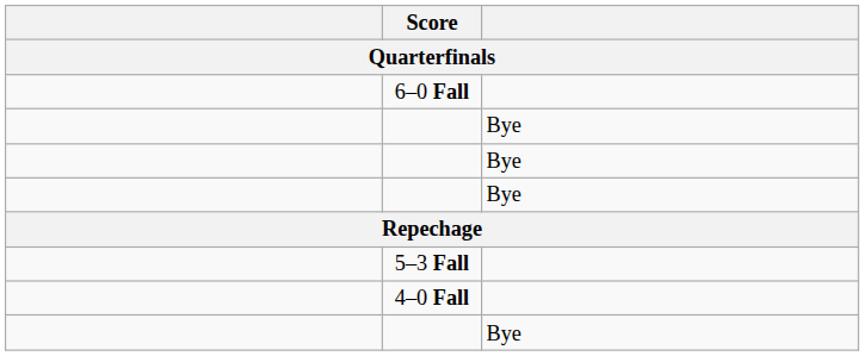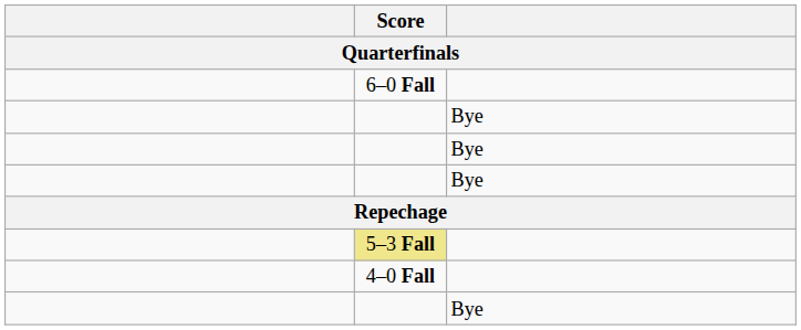 <table class="wikitable" style="text-align: left;">
 <tr>
 <th align="right" width="270"></th>
 <th width="65">Score</th>
 <th align="left" width="270"></th>
 </tr>
 <tr>
 <th colspan="3">Quarterfinals</th>
 </tr>
 <tr>
 <td><strong></strong></td>
 <td align=center>6–0 <strong>Fall</strong></td>
 <td></td>
 </tr>
 <tr>
 <td><strong></strong></td>
 <td align=center></td>
 <td>Bye</td>
 </tr>
 <tr>
 <td><strong></strong></td>
 <td align=center></td>
 <td>Bye</td>
 </tr>
 <tr>
 <td><strong></strong></td>
 <td align=center></td>
 <td>Bye</td>
 </tr>
 <tr>
 <th colspan="3">Repechage</th>
 </tr>
 <tr>
 <td><strong></strong></td>
-<td align=center>5–3 <strong>Fall</strong></td>
+<td align=center style="background: khaki;">5–3 <strong>Fall</strong></td>
 <td></td>
 </tr>
 <tr>
 <td><strong></strong></td>
 <td align=center>4–0 <strong>Fall</strong></td>
 <td></td>
 </tr>
 <tr>
 <td><strong></strong></td>
 <td align=center></td>
 <td>Bye</td>
 </tr>
 </table>
